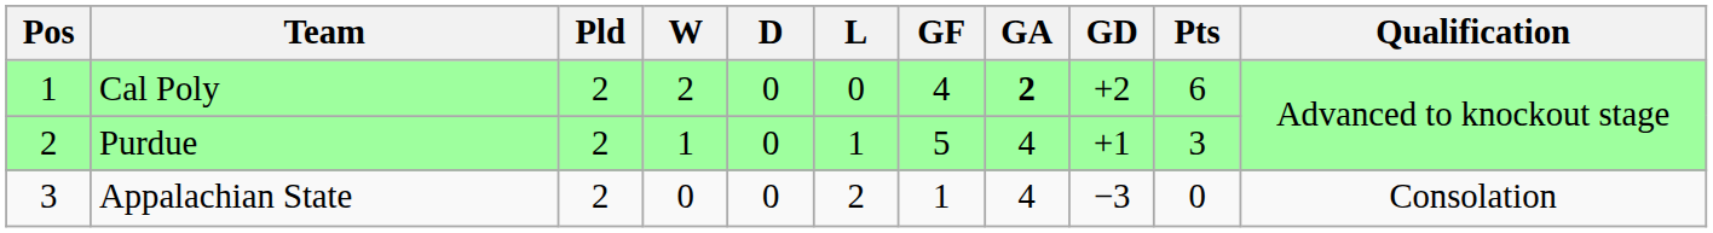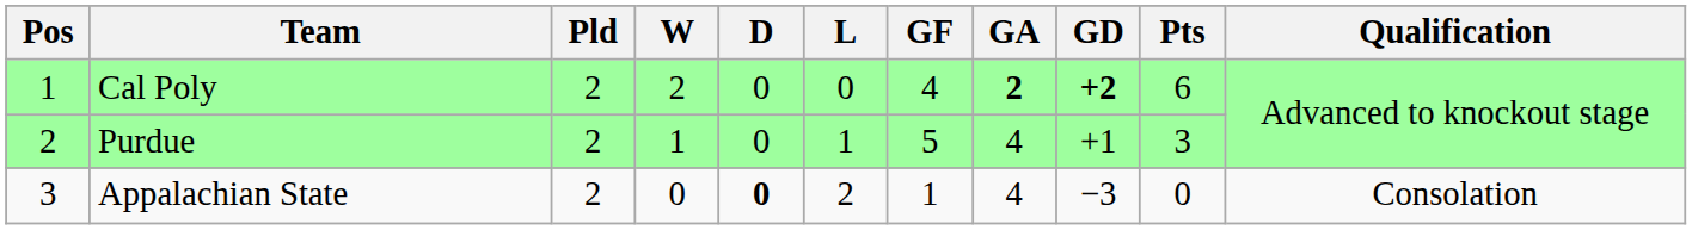 <table class="wikitable" style="text-align:center; margin: 1em auto">
 <tr>
 <th style=width:2em>Pos</th>
 <th style=width:13em>Team</th>
 <th style=width:2em>Pld</th>
 <th style=width:2em>W</th>
 <th style=width:2em>D</th>
 <th style=width:2em>L</th>
 <th style=width:2em>GF</th>
 <th style=width:2em>GA</th>
 <th style=width:2em>GD</th>
 <th style=width:2em>Pts</th>
 <th style=width:13em>Qualification</th>
 </tr>
 <tr bgcolor="#9eff9e">
 <td>1</td>
 <td style="text-align:left">Cal Poly</td>
 <td>2</td>
 <td>2</td>
 <td>0</td>
 <td>0</td>
 <td>4</td>
 <td><strong>2</strong></td>
-<td>+2</td>
+<td><strong>+2</strong></td>
 <td>6</td>
 <td rowspan="2">Advanced to knockout stage</td>
 </tr>
 <tr bgcolor="#9eff9e">
 <td>2</td>
 <td style="text-align:left">Purdue</td>
 <td>2</td>
 <td>1</td>
 <td>0</td>
 <td>1</td>
 <td>5</td>
 <td>4</td>
 <td>+1</td>
 <td>3</td>
 </tr>
 <tr>
 <td>3</td>
 <td style="text-align:left">Appalachian State</td>
 <td>2</td>
 <td>0</td>
-<td>0</td>
+<td><strong>0</strong></td>
 <td>2</td>
 <td>1</td>
 <td>4</td>
 <td>−3</td>
 <td>0</td>
 <td>Consolation</td>
 </tr>
 </table>
